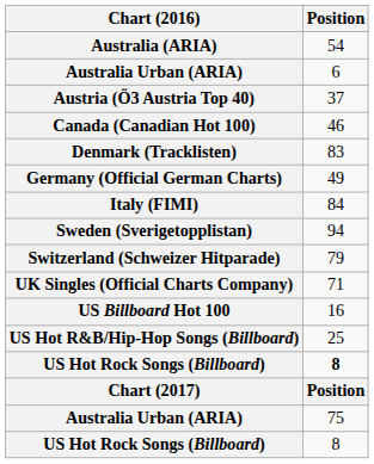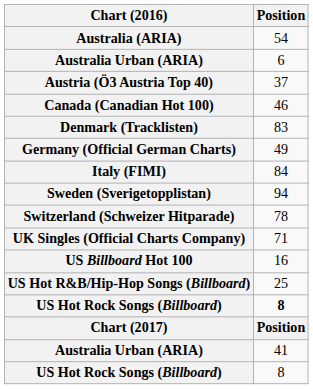 <table class="wikitable plainrowheaders sortable" style="text-align:center">
 <tr>
 <th>Chart (2016)</th>
 <th>Position</th>
 </tr>
 <tr>
 <th scope="row">Australia (ARIA)</th>
 <td>54</td>
 </tr>
 <tr>
 <th scope="row">Australia Urban (ARIA)</th>
 <td>6</td>
 </tr>
 <tr>
 <th scope="row">Austria (Ö3 Austria Top 40)</th>
 <td>37</td>
 </tr>
 <tr>
 <th scope="row">Canada (Canadian Hot 100)</th>
 <td>46</td>
 </tr>
 <tr>
 <th scope="row">Denmark (Tracklisten)</th>
 <td>83</td>
 </tr>
 <tr>
 <th scope="row">Germany (Official German Charts)</th>
 <td>49</td>
 </tr>
 <tr>
 <th scope="row">Italy (FIMI)</th>
 <td>84</td>
 </tr>
 <tr>
 <th scope="row">Sweden (Sverigetopplistan)</th>
 <td>94</td>
 </tr>
 <tr>
 <th scope="row">Switzerland (Schweizer Hitparade)</th>
-<td>79</td>
+<td>78</td>
 </tr>
 <tr>
 <th scope="row">UK Singles (Official Charts Company)</th>
 <td>71</td>
 </tr>
 <tr>
 <th scope="row">US <em>Billboard</em> Hot 100</th>
 <td>16</td>
 </tr>
 <tr>
 <th scope="row">US Hot R&B/Hip-Hop Songs (<em>Billboard</em>)</th>
 <td>25</td>
 </tr>
 <tr>
 <th scope="row">US Hot Rock Songs (<em>Billboard</em>)</th>
 <td><strong>8</strong></td>
 </tr>
 <tr>
 <th>Chart (2017)</th>
 <th>Position</th>
 </tr>
 <tr>
 <th scope="row">Australia Urban (ARIA)</th>
-<td>75</td>
+<td>41</td>
 </tr>
 <tr>
 <th scope="row">US Hot Rock Songs (<em>Billboard</em>)</th>
 <td>8</td>
 </tr>
 </table>
